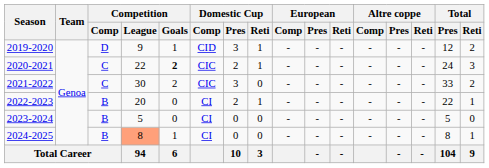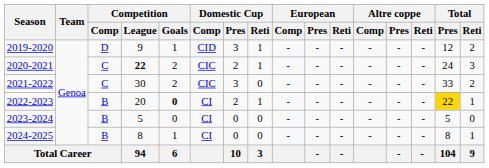 <table class="wikitable center" style="text-align:center; font-size:90%">
 <tr>
 <th rowspan="2">Season</th>
 <th rowspan="2">Team</th>
 <th colspan="3">Competition</th>
 <th colspan="3">Domestic Cup</th>
 <th colspan="3">European</th>
 <th colspan="3">Altre coppe</th>
 <th colspan="2">Total</th>
 </tr>
 <tr>
 <th>Comp</th>
 <th>League</th>
 <th>Goals</th>
 <th>Comp</th>
 <th>Pres</th>
 <th>Reti</th>
 <th>Comp</th>
 <th>Pres</th>
 <th>Reti</th>
 <th>Comp</th>
 <th>Pres</th>
 <th>Reti</th>
 <th>Pres</th>
 <th>Reti</th>
 </tr>
 <tr>
 <td><a href='#'>2019-2020</a></td>
 <td rowspan="6"> <a href='#'>Genoa</a></td>
 <td><a href='#'>D</a></td>
 <td>9</td>
 <td>1</td>
 <td><a href='#'>CID</a></td>
 <td>3</td>
 <td>1</td>
 <td>-</td>
 <td>-</td>
 <td>-</td>
 <td>-</td>
 <td>-</td>
 <td>-</td>
 <td>12</td>
 <td>2</td>
 </tr>
 <tr>
 <td><a href='#'>2020-2021</a></td>
 <td><a href='#'>C</a></td>
-<td>22</td>
-<td><strong>2</strong></td>
+<td><strong>22</strong></td>
+<td>2</td>
 <td><a href='#'>CIC</a></td>
 <td>2</td>
 <td>1</td>
 <td>-</td>
 <td>-</td>
 <td>-</td>
 <td>-</td>
 <td>-</td>
 <td>-</td>
 <td>24</td>
 <td>3</td>
 </tr>
 <tr>
 <td><a href='#'>2021-2022</a></td>
 <td><a href='#'>C</a></td>
 <td>30</td>
 <td>2</td>
 <td><a href='#'>CIC</a></td>
 <td>3</td>
 <td>0</td>
 <td>-</td>
 <td>-</td>
 <td>-</td>
 <td>-</td>
 <td>-</td>
 <td>-</td>
 <td>33</td>
 <td>2</td>
 </tr>
 <tr>
 <td><a href='#'>2022-2023</a></td>
 <td><a href='#'>B</a></td>
 <td>20</td>
-<td>0</td>
+<td><strong>0</strong></td>
 <td><a href='#'>CI</a></td>
 <td>2</td>
 <td>1</td>
 <td>-</td>
 <td>-</td>
 <td>-</td>
 <td>-</td>
 <td>-</td>
 <td>-</td>
-<td>22</td>
+<td style="background: gold;">22</td>
 <td>1</td>
 </tr>
 <tr>
 <td><a href='#'>2023-2024</a></td>
 <td><a href='#'>B</a></td>
 <td>5</td>
 <td>0</td>
 <td><a href='#'>CI</a></td>
 <td>0</td>
 <td>0</td>
 <td>-</td>
 <td>-</td>
 <td>-</td>
 <td>-</td>
 <td>-</td>
 <td>-</td>
 <td>5</td>
 <td>0</td>
 </tr>
 <tr>
 <td><a href='#'>2024-2025</a></td>
 <td><a href='#'>B</a></td>
-<td style="background: lightsalmon;">8</td>
+<td>8</td>
 <td>1</td>
 <td><a href='#'>CI</a></td>
 <td>0</td>
 <td>0</td>
 <td>-</td>
 <td>-</td>
 <td>-</td>
 <td>-</td>
 <td>-</td>
 <td>-</td>
 <td>8</td>
 <td>1</td>
 </tr>
 <tr>
 <th colspan="3">Total Career</th>
 <th>94</th>
 <th>6</th>
 <th></th>
 <th>10</th>
 <th>3</th>
 <th></th>
 <th>-</th>
 <th>-</th>
 <th></th>
 <th>-</th>
 <th>- </th>
 <th>104</th>
 <th>9</th>
 </tr>
 </table>
